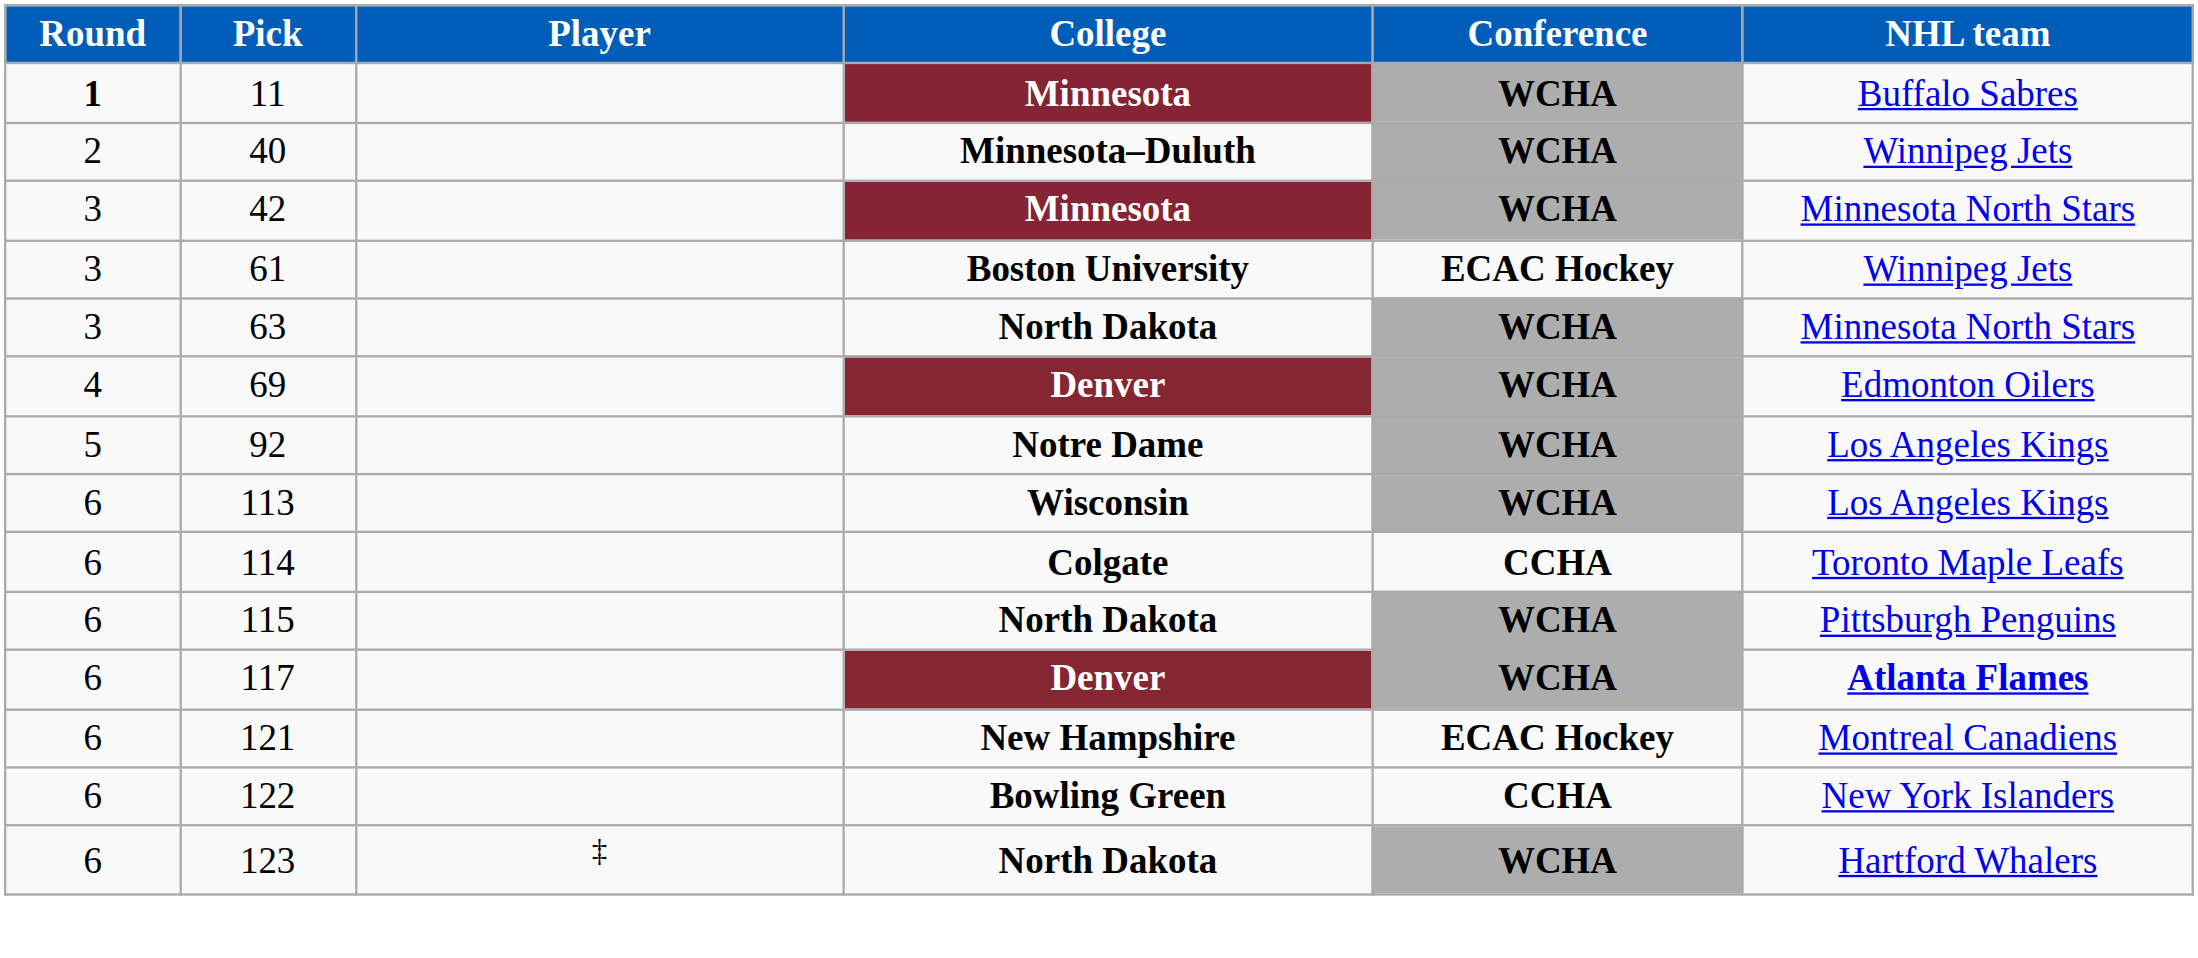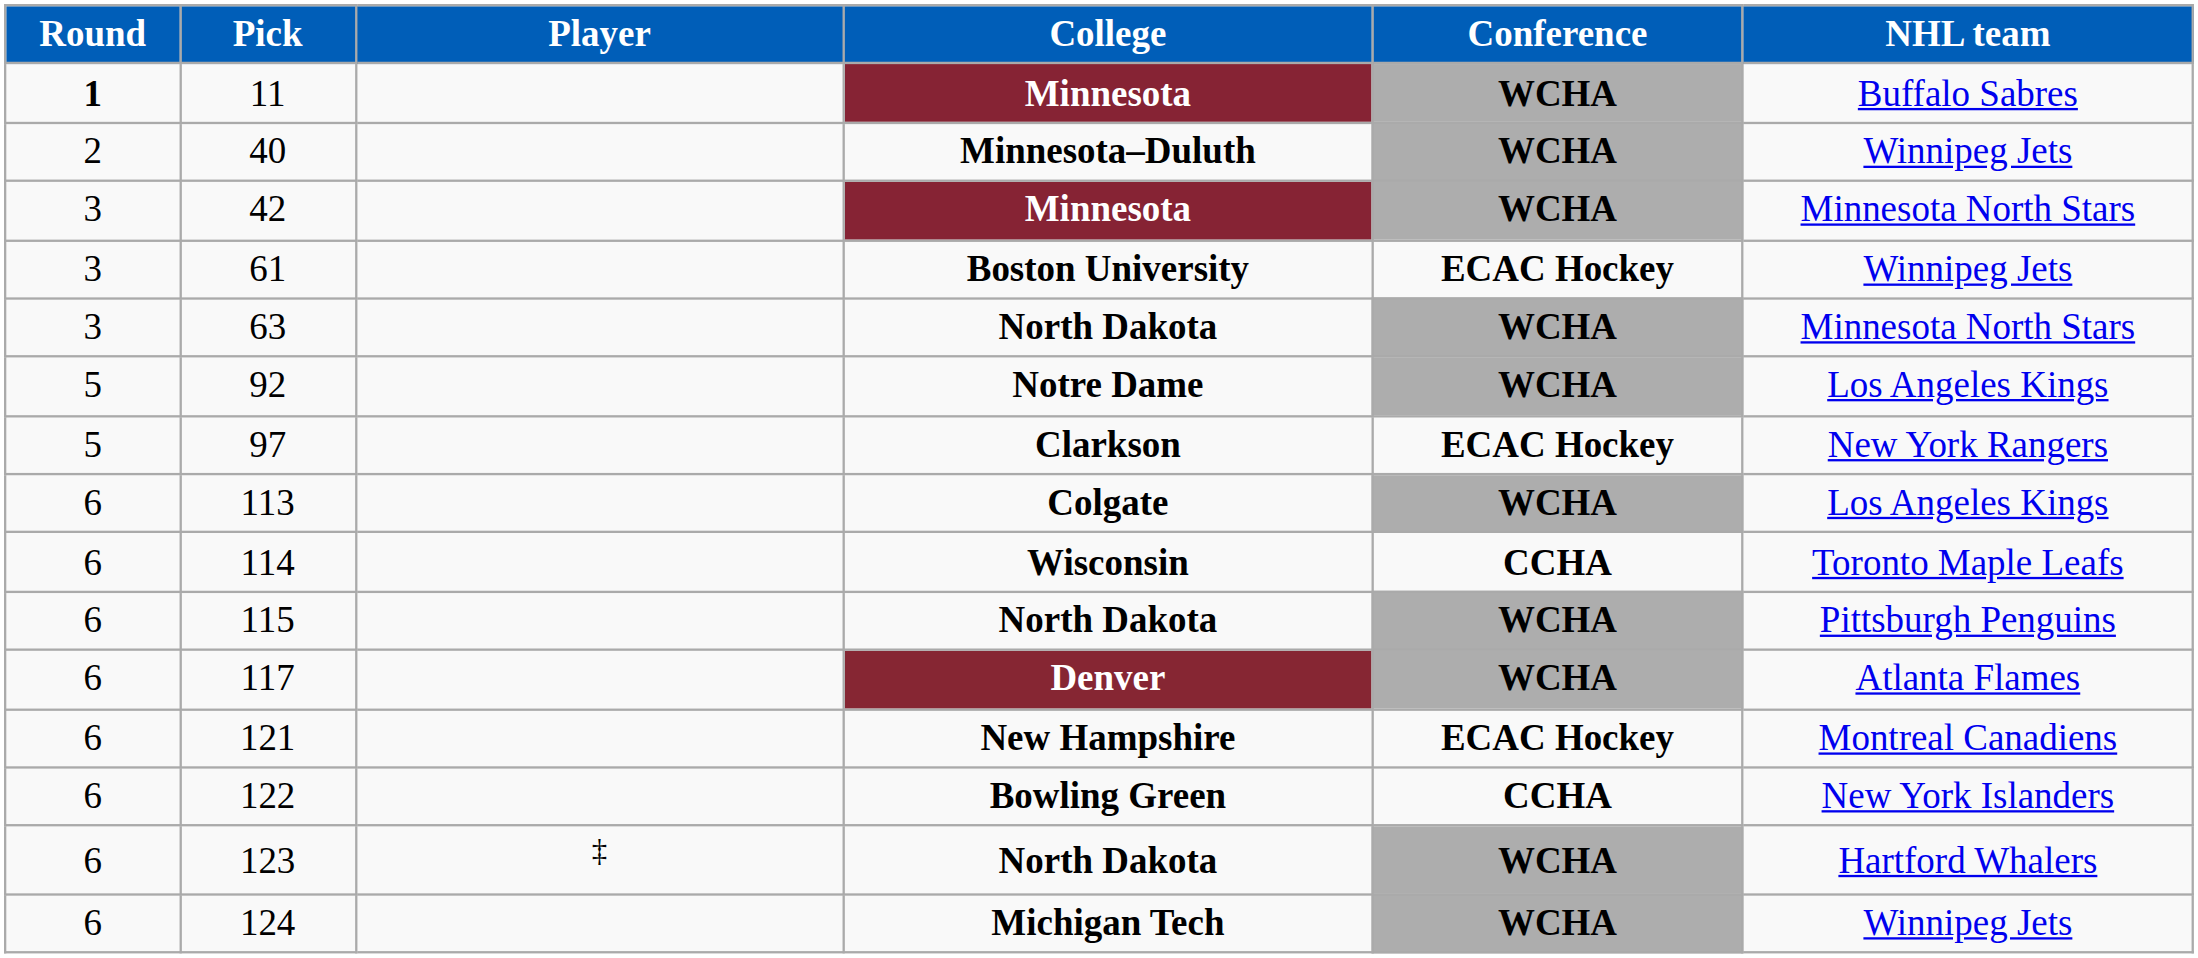 <table class="wikitable sortable" width="75%">
 <tr>
 <th style="color:white; background-color:#005EB8; width: 4em;">Round</th>
 <th style="color:white; background-color:#005EB8; width: 4em;">Pick</th>
 <th style="color:white; background-color:#005EB8; width: 12em;">Player</th>
 <th style="color:white; background-color:#005EB8; width: 13em;">College</th>
 <th style="color:white; background-color:#005EB8; width: 9em;">Conference</th>
 <th style="color:white; background-color:#005EB8; width: 11em;">NHL team</th>
 </tr>
 <tr align="center" bgcolor="">
 <td><strong>1</strong></td>
 <td>11</td>
 <td></td>
 <td style="color:white; background:#862334; "><strong>Minnesota</strong></td>
 <td style="color:black; background:#ADADAD; "><strong>WCHA</strong></td>
 <td><a href='#'>Buffalo Sabres</a></td>
 </tr>
 <tr align="center" bgcolor="">
 <td>2</td>
 <td>40</td>
 <td></td>
 <td><strong>Minnesota–Duluth</strong></td>
 <td style="color:black; background:#ADADAD; "><strong>WCHA</strong></td>
 <td><a href='#'>Winnipeg Jets</a></td>
 </tr>
 <tr align="center" bgcolor="">
 <td>3</td>
 <td>42</td>
 <td></td>
 <td style="color:white; background:#862334; "><strong>Minnesota</strong></td>
 <td style="color:black; background:#ADADAD; "><strong>WCHA</strong></td>
 <td><a href='#'>Minnesota North Stars</a></td>
 </tr>
 <tr align="center" bgcolor="">
 <td>3</td>
 <td>61</td>
 <td></td>
 <td><strong>Boston University</strong></td>
 <td><strong>ECAC Hockey</strong></td>
 <td><a href='#'>Winnipeg Jets</a></td>
 </tr>
 <tr align="center" bgcolor="">
 <td>3</td>
 <td>63</td>
 <td></td>
 <td><strong>North Dakota</strong></td>
 <td style="color:black; background:#ADADAD; "><strong>WCHA</strong></td>
 <td><a href='#'>Minnesota North Stars</a></td>
 </tr>
 <tr align="center" bgcolor="">
-<td>4</td>
-<td>69</td>
-<td></td>
-<td style="color:white; background:#862633; "><strong>Denver</strong></td>
-<td style="color:black; background:#ADADAD; "><strong>WCHA</strong></td>
-<td><a href='#'>Edmonton Oilers</a></td>
-</tr>
-<tr align="center" bgcolor="">
 <td>5</td>
 <td>92</td>
 <td></td>
 <td><strong>Notre Dame</strong></td>
 <td style="color:black; background:#ADADAD; "><strong>WCHA</strong></td>
 <td><a href='#'>Los Angeles Kings</a></td>
 </tr>
 <tr align="center" bgcolor="">
+<td>5</td>
+<td>97</td>
+<td></td>
+<td><strong>Clarkson</strong></td>
+<td><strong>ECAC Hockey</strong></td>
+<td><a href='#'>New York Rangers</a></td>
+</tr>
+<tr align="center" bgcolor="">
 <td>6</td>
 <td>113</td>
 <td></td>
-<td><strong>Wisconsin</strong></td>
+<td><strong>Colgate</strong></td>
 <td style="color:black; background:#ADADAD; "><strong>WCHA</strong></td>
 <td><a href='#'>Los Angeles Kings</a></td>
 </tr>
 <tr align="center" bgcolor="">
 <td>6</td>
 <td>114</td>
 <td></td>
-<td><strong>Colgate</strong></td>
+<td><strong>Wisconsin</strong></td>
 <td><strong>CCHA</strong></td>
 <td><a href='#'>Toronto Maple Leafs</a></td>
 </tr>
 <tr align="center" bgcolor="">
 <td>6</td>
 <td>115</td>
 <td></td>
 <td><strong>North Dakota</strong></td>
 <td style="color:black; background:#ADADAD; "><strong>WCHA</strong></td>
 <td><a href='#'>Pittsburgh Penguins</a></td>
 </tr>
 <tr align="center" bgcolor="">
 <td>6</td>
 <td>117</td>
 <td></td>
 <td style="color:white; background:#862633; "><strong>Denver</strong></td>
 <td style="color:black; background:#ADADAD; "><strong>WCHA</strong></td>
-<td><strong><a href='#'>Atlanta Flames</a></strong></td>
+<td><a href='#'>Atlanta Flames</a></td>
 </tr>
 <tr align="center" bgcolor="">
 <td>6</td>
 <td>121</td>
 <td></td>
 <td><strong>New Hampshire</strong></td>
 <td><strong>ECAC Hockey</strong></td>
 <td><a href='#'>Montreal Canadiens</a></td>
 </tr>
 <tr align="center" bgcolor="">
 <td>6</td>
 <td>122</td>
 <td></td>
 <td><strong>Bowling Green</strong></td>
 <td><strong>CCHA</strong></td>
 <td><a href='#'>New York Islanders</a></td>
 </tr>
 <tr align="center" bgcolor="">
 <td>6</td>
 <td>123</td>
 <td> <sup>‡</sup></td>
 <td><strong>North Dakota</strong></td>
 <td style="color:black; background:#ADADAD; "><strong>WCHA</strong></td>
 <td><a href='#'>Hartford Whalers</a></td>
 </tr>
+<tr align="center" bgcolor="">
+<td>6</td>
+<td>124</td>
+<td></td>
+<td><strong>Michigan Tech</strong></td>
+<td style="color:black; background:#ADADAD; "><strong>WCHA</strong></td>
+<td><a href='#'>Winnipeg Jets</a></td>
+</tr>
 </table>
